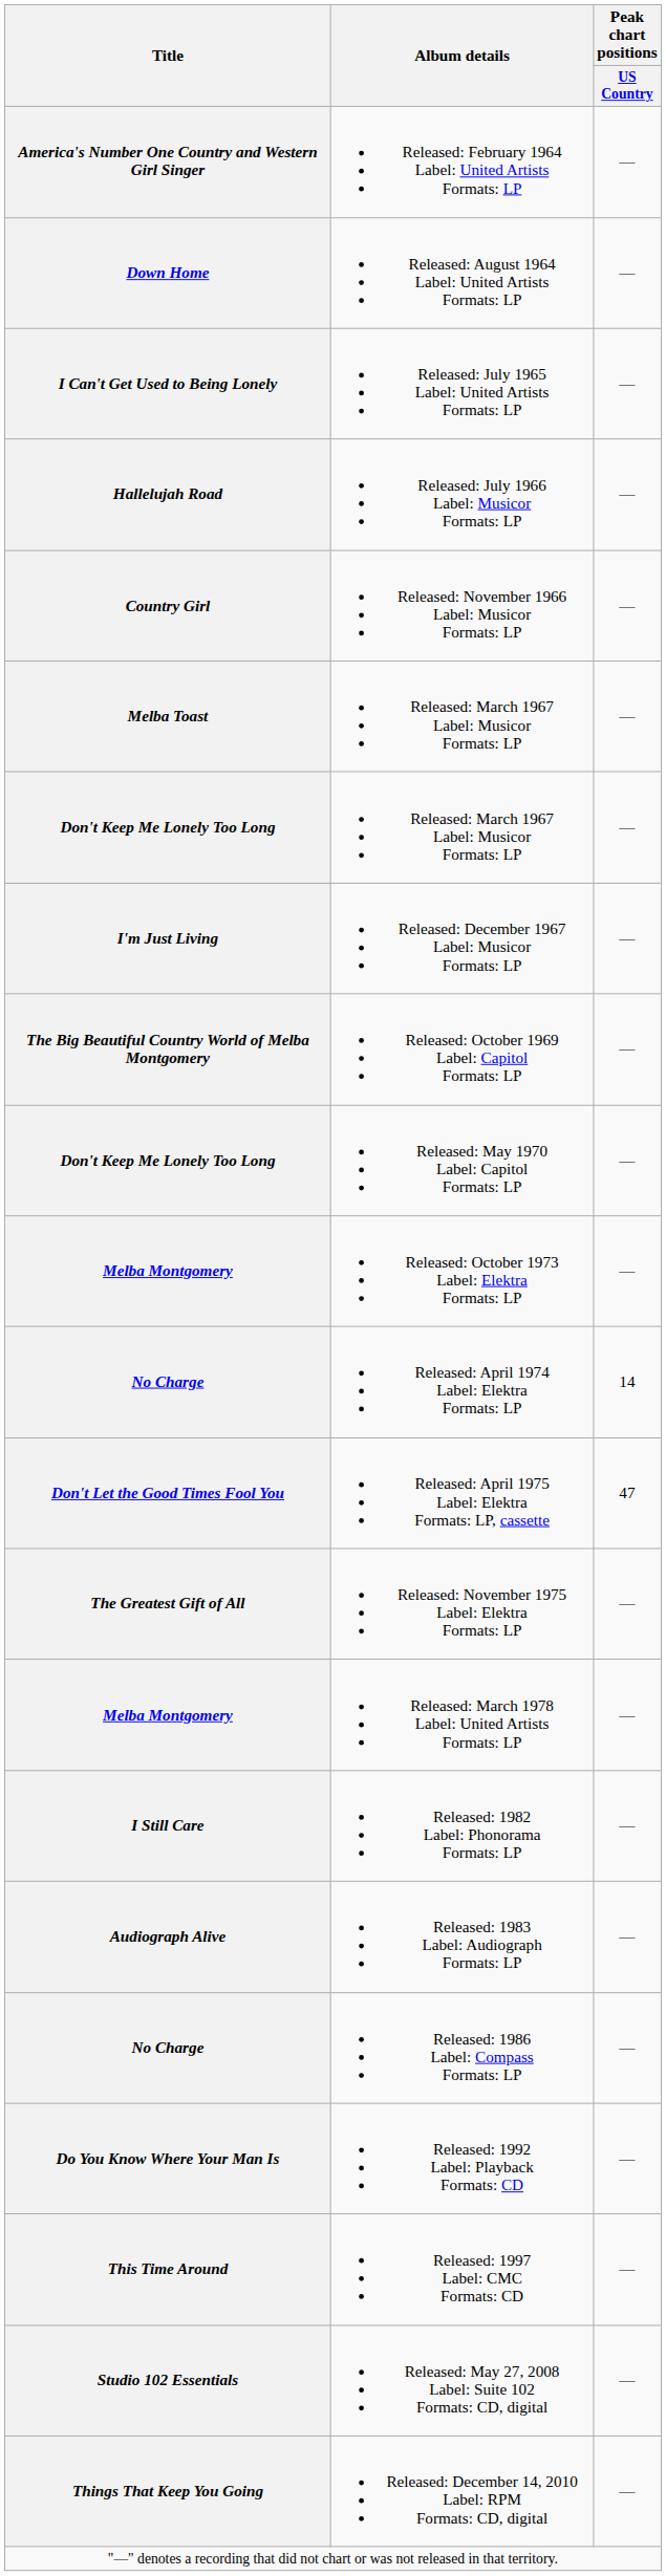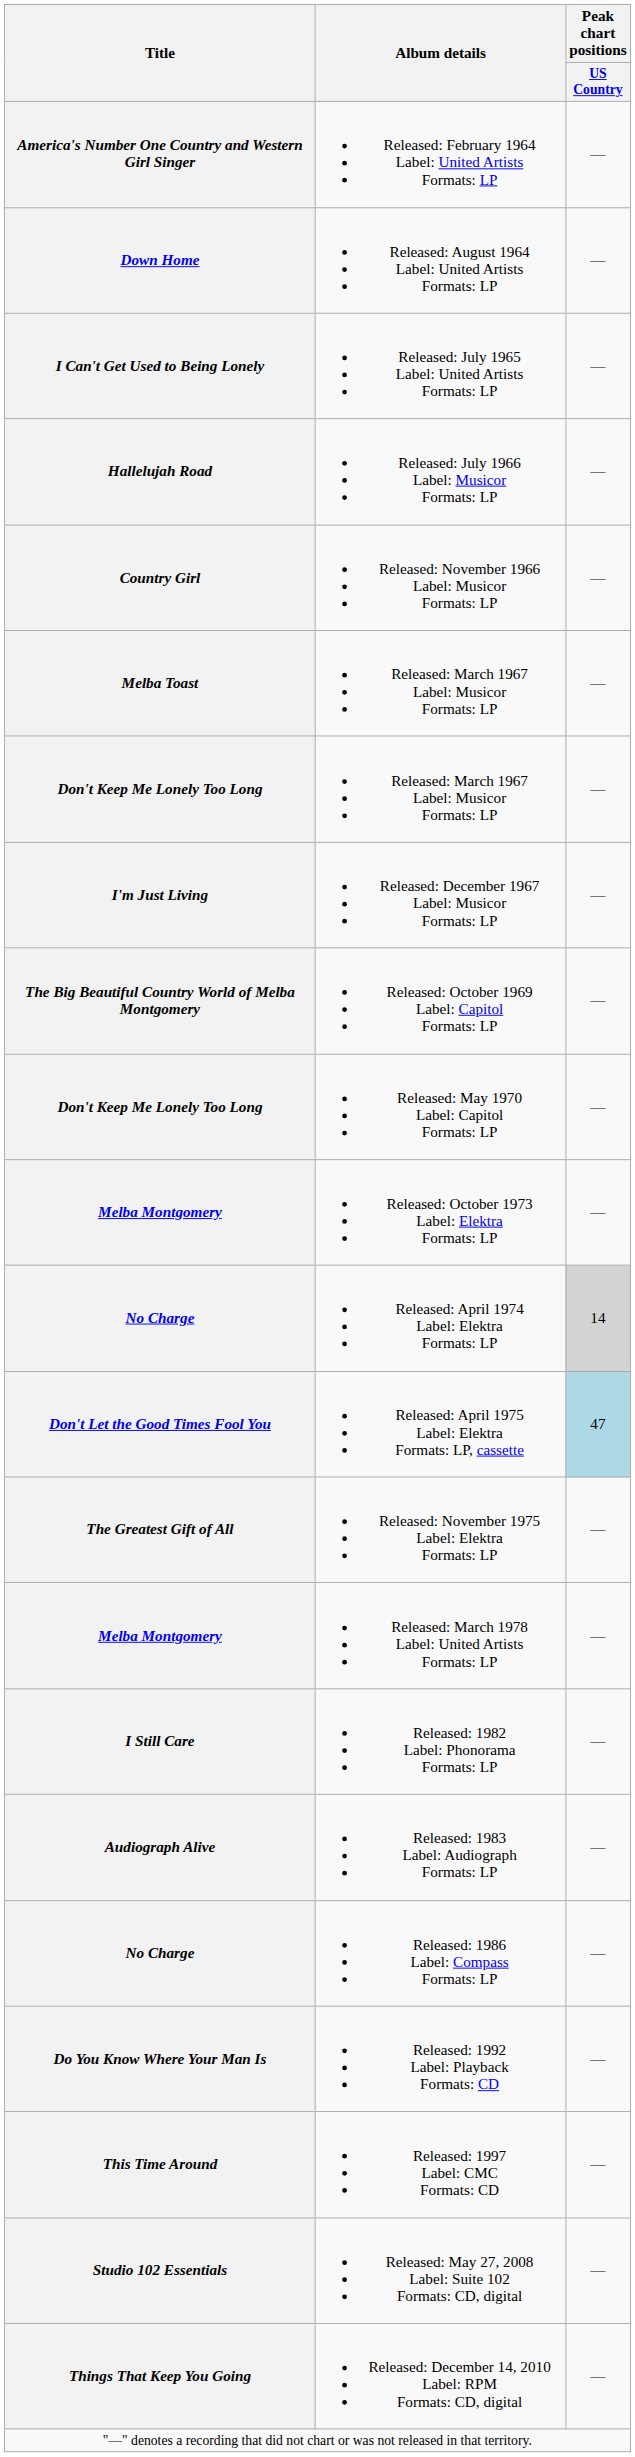 <table class="wikitable plainrowheaders" style="text-align:center;" border="1">
 <tr>
 <th scope="col" rowspan="2" style="width:20em;">Title</th>
 <th scope="col" rowspan="2" style="width:16em;">Album details</th>
 <th scope="col" colspan="1">Peak<br>chart<br>positions</th>
 </tr>
 <tr>
 <th scope="col" style="width:3em;font-size:90%;"><a href='#'>US<br>Country</a><br></th>
 </tr>
 <tr>
 <th scope="row"><em>America's Number One Country and Western Girl Singer</em></th>
 <td><br><ul><li>Released: February 1964</li><li>Label: <a href='#'>United Artists</a></li><li>Formats: <a href='#'>LP</a></li></ul></td>
 <td>—</td>
 </tr>
 <tr>
 <th scope="row"><em><a href='#'>Down Home</a></em></th>
 <td><br><ul><li>Released: August 1964</li><li>Label: United Artists</li><li>Formats: LP</li></ul></td>
 <td>—</td>
 </tr>
 <tr>
 <th scope="row"><em>I Can't Get Used to Being Lonely</em></th>
 <td><br><ul><li>Released: July 1965</li><li>Label: United Artists</li><li>Formats: LP</li></ul></td>
 <td>—</td>
 </tr>
 <tr>
 <th scope="row"><em>Hallelujah Road</em></th>
 <td><br><ul><li>Released: July 1966</li><li>Label: <a href='#'>Musicor</a></li><li>Formats: LP</li></ul></td>
 <td>—</td>
 </tr>
 <tr>
 <th scope="row"><em>Country Girl</em></th>
 <td><br><ul><li>Released: November 1966</li><li>Label: Musicor</li><li>Formats: LP</li></ul></td>
 <td>—</td>
 </tr>
 <tr>
 <th scope="row"><em>Melba Toast</em></th>
 <td><br><ul><li>Released: March 1967</li><li>Label: Musicor</li><li>Formats: LP</li></ul></td>
 <td>—</td>
 </tr>
 <tr>
 <th scope="row"><em>Don't Keep Me Lonely Too Long</em></th>
 <td><br><ul><li>Released: March 1967</li><li>Label: Musicor</li><li>Formats: LP</li></ul></td>
 <td>—</td>
 </tr>
 <tr>
 <th scope="row"><em>I'm Just Living</em></th>
 <td><br><ul><li>Released: December 1967</li><li>Label: Musicor</li><li>Formats: LP</li></ul></td>
 <td>—</td>
 </tr>
 <tr>
 <th scope="row"><em>The Big Beautiful Country World of Melba Montgomery</em></th>
 <td><br><ul><li>Released: October 1969</li><li>Label: <a href='#'>Capitol</a></li><li>Formats: LP</li></ul></td>
 <td>—</td>
 </tr>
 <tr>
 <th scope="row"><em>Don't Keep Me Lonely Too Long</em></th>
 <td><br><ul><li>Released: May 1970</li><li>Label: Capitol</li><li>Formats: LP</li></ul></td>
 <td>—</td>
 </tr>
 <tr>
 <th scope="row"><em><a href='#'>Melba Montgomery</a></em></th>
 <td><br><ul><li>Released: October 1973</li><li>Label: <a href='#'>Elektra</a></li><li>Formats: LP</li></ul></td>
 <td>—</td>
 </tr>
 <tr>
 <th scope="row"><em><a href='#'>No Charge</a></em></th>
 <td><br><ul><li>Released: April 1974</li><li>Label: Elektra</li><li>Formats: LP</li></ul></td>
-<td>14</td>
+<td style="background: lightgrey;">14</td>
 </tr>
 <tr>
 <th scope="row"><em><a href='#'>Don't Let the Good Times Fool You</a></em></th>
 <td><br><ul><li>Released: April 1975</li><li>Label: Elektra</li><li>Formats: LP, <a href='#'>cassette</a></li></ul></td>
-<td>47</td>
+<td style="background: lightblue;">47</td>
 </tr>
 <tr>
 <th scope="row"><em>The Greatest Gift of All</em></th>
 <td><br><ul><li>Released: November 1975</li><li>Label: Elektra</li><li>Formats: LP</li></ul></td>
 <td>—</td>
 </tr>
 <tr>
 <th scope="row"><em><a href='#'>Melba Montgomery</a></em></th>
 <td><br><ul><li>Released: March 1978</li><li>Label: United Artists</li><li>Formats: LP</li></ul></td>
 <td>—</td>
 </tr>
 <tr>
 <th scope="row"><em>I Still Care</em></th>
 <td><br><ul><li>Released: 1982</li><li>Label: Phonorama</li><li>Formats: LP</li></ul></td>
 <td>—</td>
 </tr>
 <tr>
 <th scope="row"><em>Audiograph Alive</em></th>
 <td><br><ul><li>Released: 1983</li><li>Label: Audiograph</li><li>Formats: LP</li></ul></td>
 <td>—</td>
 </tr>
 <tr>
 <th scope="row"><em>No Charge</em></th>
 <td><br><ul><li>Released: 1986</li><li>Label: <a href='#'>Compass</a></li><li>Formats: LP</li></ul></td>
 <td>—</td>
 </tr>
 <tr>
 <th scope="row"><em>Do You Know Where Your Man Is</em></th>
 <td><br><ul><li>Released: 1992</li><li>Label: Playback</li><li>Formats: <a href='#'>CD</a></li></ul></td>
 <td>—</td>
 </tr>
 <tr>
 <th scope="row"><em>This Time Around</em></th>
 <td><br><ul><li>Released: 1997</li><li>Label: CMC</li><li>Formats: CD</li></ul></td>
 <td>—</td>
 </tr>
 <tr>
 <th scope="row"><em>Studio 102 Essentials</em></th>
 <td><br><ul><li>Released: May 27, 2008</li><li>Label: Suite 102</li><li>Formats: CD, digital</li></ul></td>
 <td>—</td>
 </tr>
 <tr>
 <th scope="row"><em>Things That Keep You Going</em></th>
 <td><br><ul><li>Released: December 14, 2010</li><li>Label: RPM</li><li>Formats: CD, digital</li></ul></td>
 <td>—</td>
 </tr>
 <tr>
 <td colspan="3" style="font-size:90%">"—" denotes a recording that did not chart or was not released in that territory.</td>
 </tr>
 </table>
